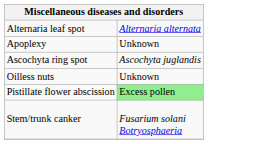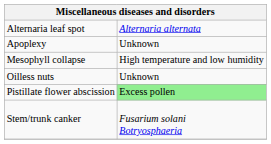 <table class="wikitable" style="clear">
 <tr>
 <th colspan=2><strong>Miscellaneous diseases and disorders</strong><br></th>
 </tr>
 <tr>
 <td>Alternaria leaf spot</td>
 <td><em><a href='#'>Alternaria alternata</a></em></td>
 </tr>
 <tr>
 <td>Apoplexy</td>
 <td>Unknown</td>
 </tr>
 <tr>
-<td>Ascochyta ring spot</td>
-<td><em>Ascochyta juglandis</em></td>
+<td>Mesophyll collapse</td>
+<td>High temperature and low humidity</td>
 </tr>
 <tr>
 <td>Oilless nuts</td>
 <td>Unknown</td>
 </tr>
 <tr>
 <td>Pistillate flower abscission</td>
 <td style="background: lightgreen;">Excess pollen</td>
 </tr>
 <tr>
 <td>Stem/trunk canker</td>
 <td><br><em>Fusarium solani</em><br> <em><a href='#'>Botryosphaeria</a></em></td>
 </tr>
 <tr>
 </tr>
 </table>
